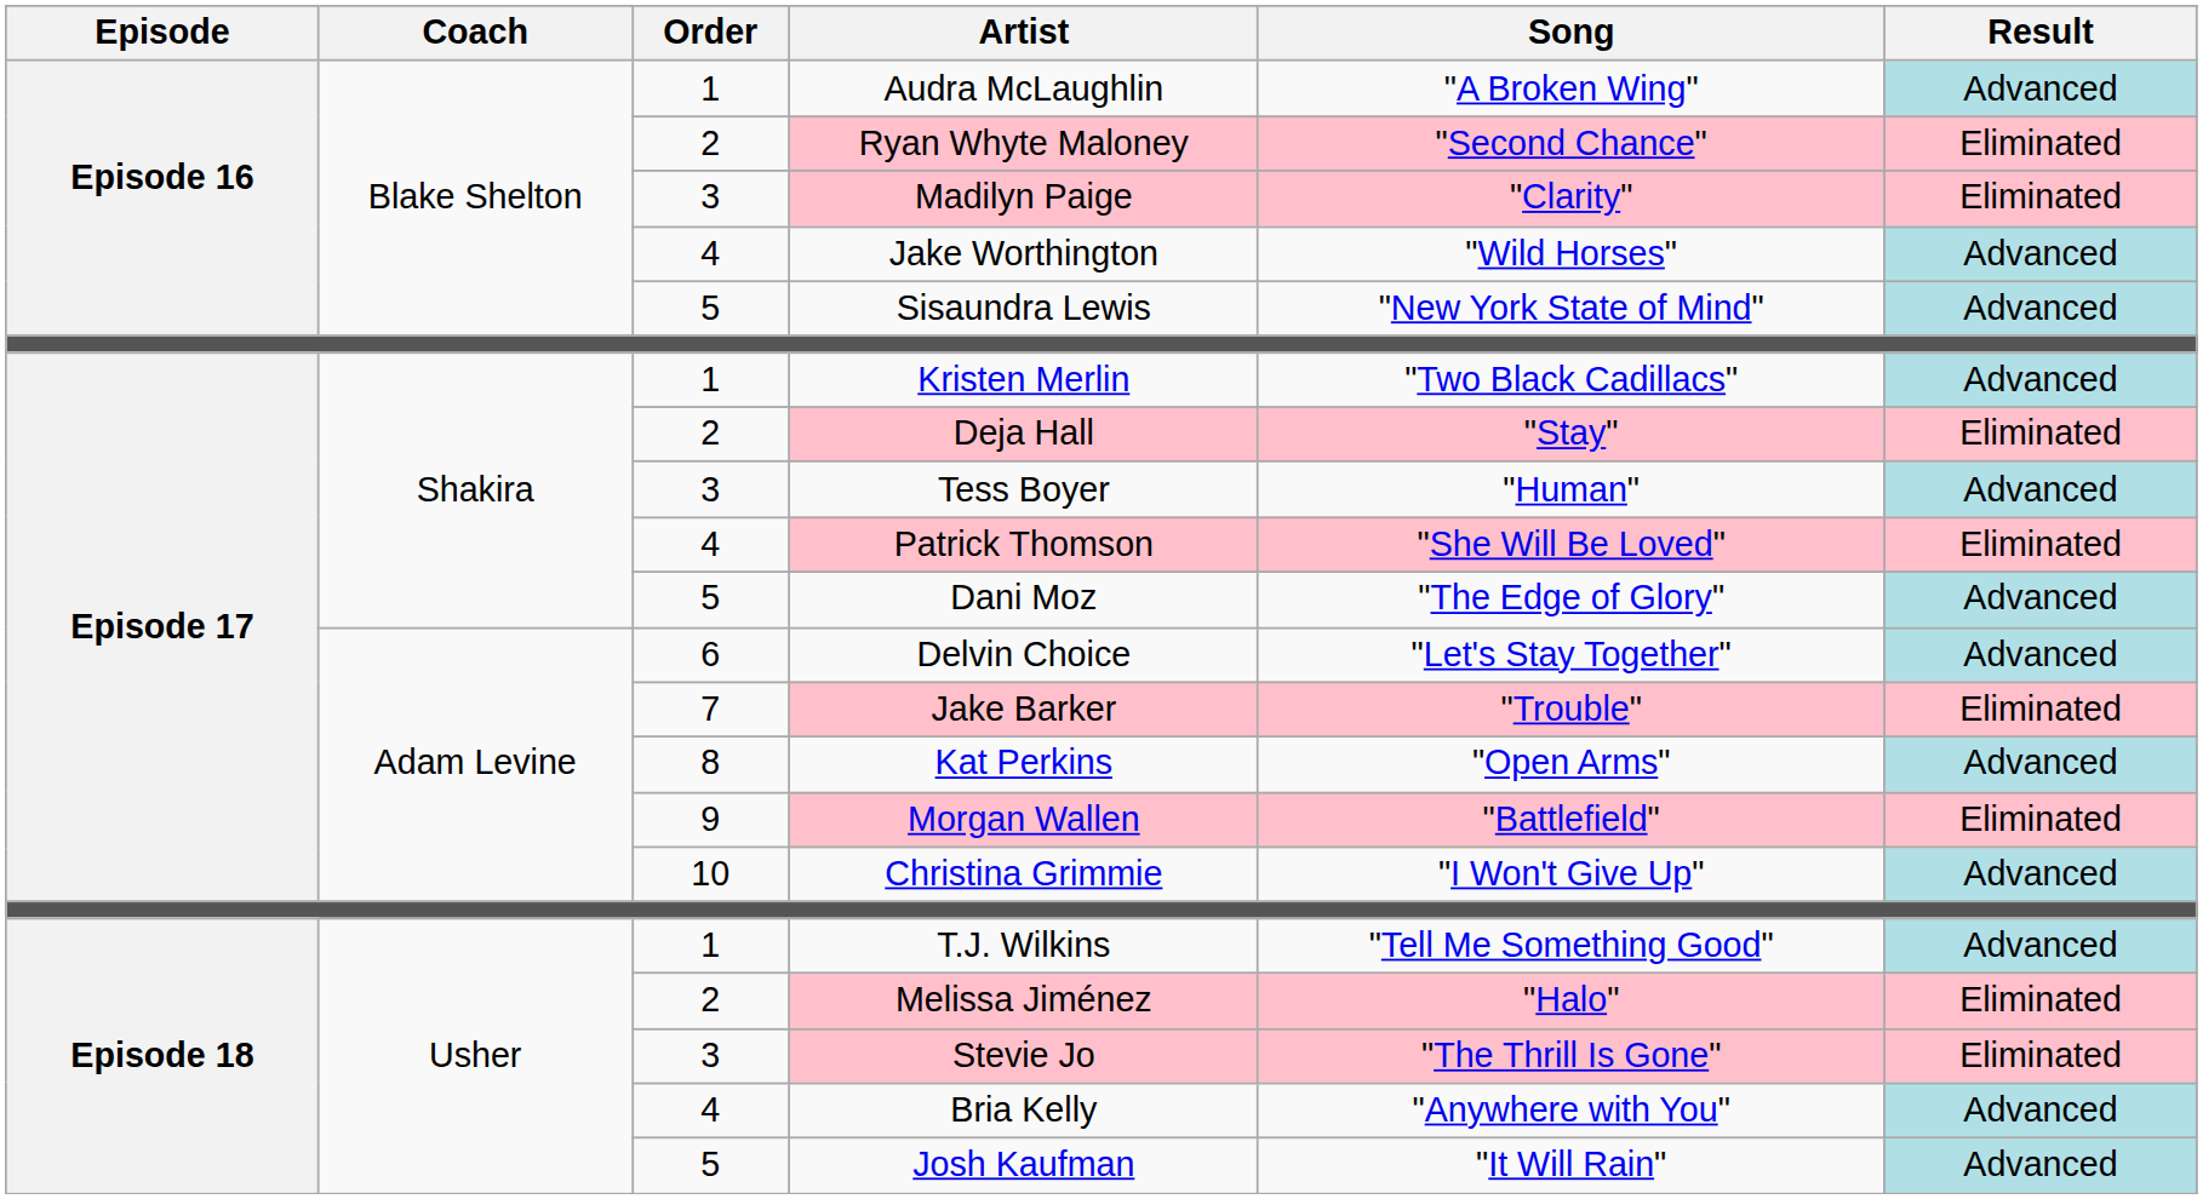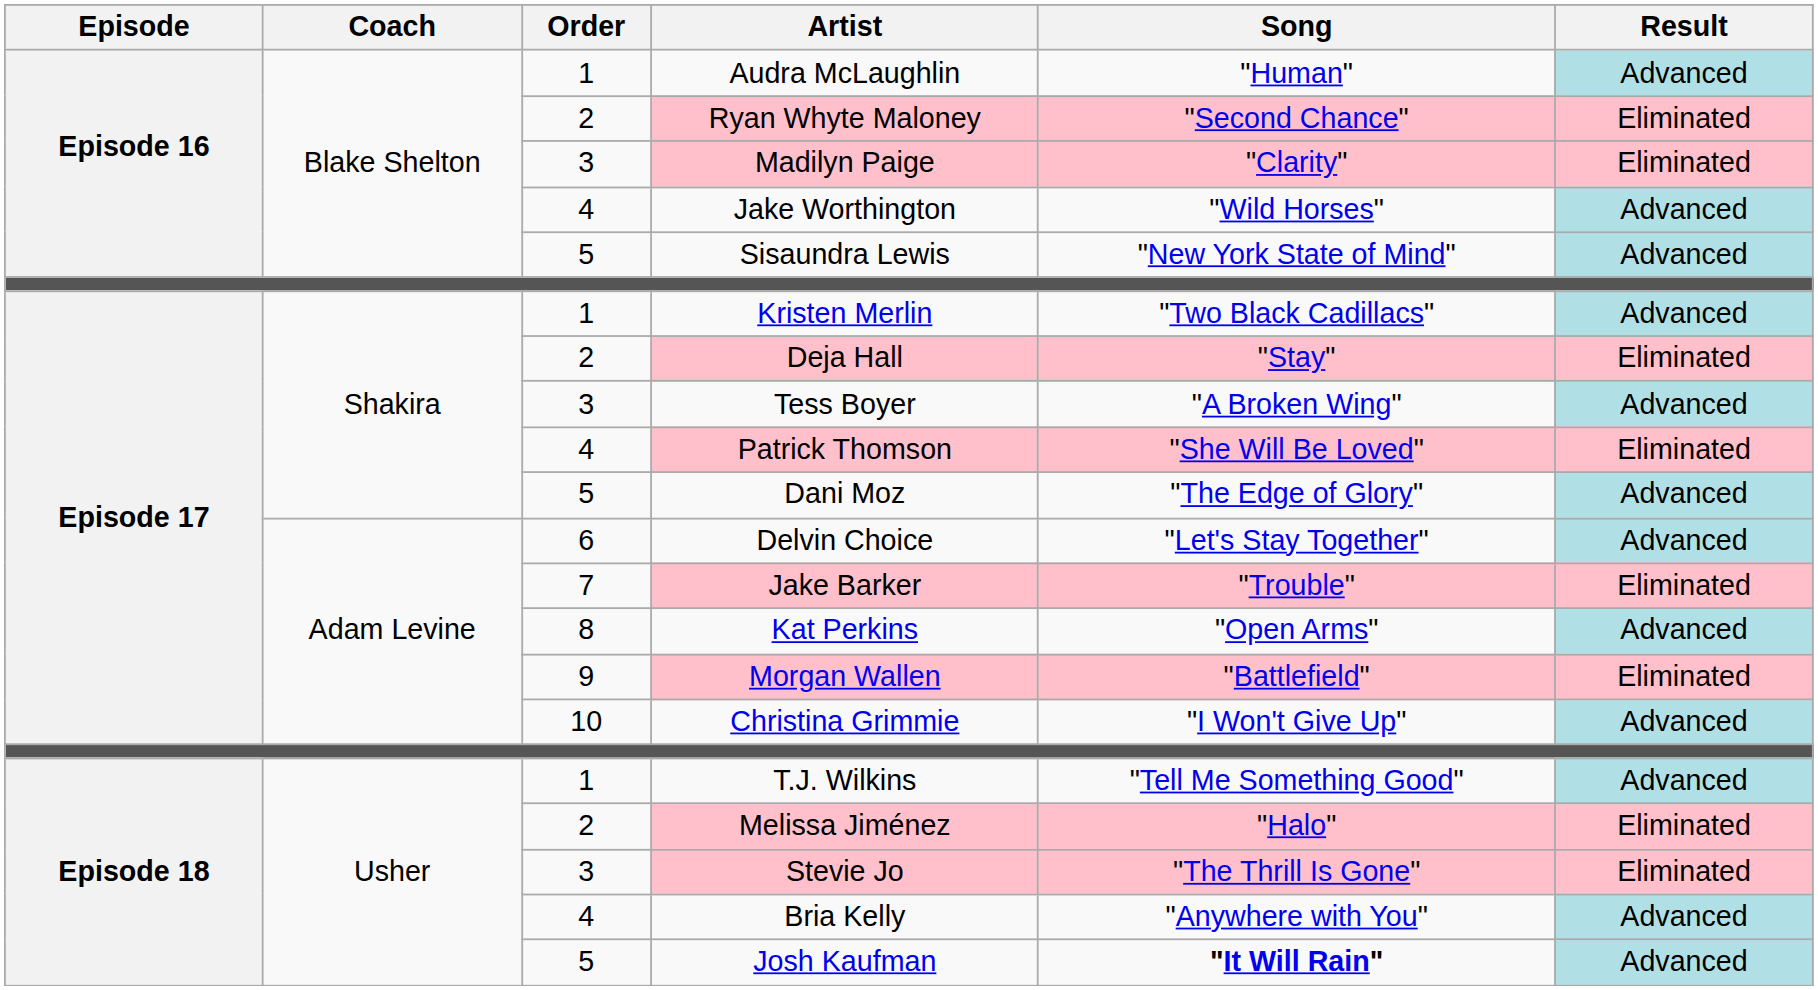 <table class="wikitable" style="text-align:center; width:80%;">
 <tr>
 <th style="width:10%;">Episode</th>
 <th style="width:10%;">Coach</th>
 <th style="width:05%;">Order</th>
 <th style="width:15%;">Artist</th>
 <th style="width:20%;">Song</th>
 <th style="width:10%;">Result</th>
 </tr>
 <tr>
 <th rowspan="5">Episode 16<br><br><small></small></th>
 <td rowspan="5">Blake Shelton</td>
 <td>1</td>
 <td>Audra McLaughlin</td>
-<td>"<a href='#'>A Broken Wing</a>"</td>
+<td>"<a href='#'>Human</a>"</td>
 <td style="background:#B0E0E6;">Advanced</td>
 </tr>
 <tr>
 <td>2</td>
 <td style="background:pink;">Ryan Whyte Maloney</td>
 <td style="background:pink;">"<a href='#'>Second Chance</a>"</td>
 <td style="background:pink;">Eliminated</td>
 </tr>
 <tr>
 <td>3</td>
 <td style="background:pink;">Madilyn Paige</td>
 <td style="background:pink;">"<a href='#'>Clarity</a>"</td>
 <td style="background:pink;">Eliminated</td>
 </tr>
 <tr>
 <td>4</td>
 <td>Jake Worthington</td>
 <td>"<a href='#'>Wild Horses</a>"</td>
 <td style="background:#B0E0E6;">Advanced</td>
 </tr>
 <tr>
 <td>5</td>
 <td>Sisaundra Lewis</td>
 <td>"<a href='#'>New York State of Mind</a>"</td>
 <td style="background:#B0E0E6;">Advanced</td>
 </tr>
 <tr>
 <td colspan="10" style="background:#555;"></td>
 </tr>
 <tr>
 <th rowspan="10">Episode 17<br><small></small></th>
 <td rowspan="5">Shakira</td>
 <td>1</td>
 <td><a href='#'>Kristen Merlin</a></td>
 <td>"<a href='#'>Two Black Cadillacs</a>"</td>
 <td style="background:#B0E0E6;">Advanced</td>
 </tr>
 <tr>
 <td>2</td>
 <td style="background:pink;">Deja Hall</td>
 <td style="background:pink;">"<a href='#'>Stay</a>"</td>
 <td style="background:pink;">Eliminated</td>
 </tr>
 <tr>
 <td>3</td>
 <td>Tess Boyer</td>
-<td>"<a href='#'>Human</a>"</td>
+<td>"<a href='#'>A Broken Wing</a>"</td>
 <td style="background:#B0E0E6;">Advanced</td>
 </tr>
 <tr>
 <td>4</td>
 <td style="background:pink;">Patrick Thomson</td>
 <td style="background:pink;">"<a href='#'>She Will Be Loved</a>"</td>
 <td style="background:pink;">Eliminated</td>
 </tr>
 <tr>
 <td>5</td>
 <td>Dani Moz</td>
 <td>"<a href='#'>The Edge of Glory</a>"</td>
 <td style="background:#B0E0E6;">Advanced</td>
 </tr>
 <tr>
 <td rowspan="5">Adam Levine</td>
 <td>6</td>
 <td>Delvin Choice</td>
 <td>"<a href='#'>Let's Stay Together</a>"</td>
 <td style="background:#B0E0E6;">Advanced</td>
 </tr>
 <tr>
 <td>7</td>
 <td style="background:pink;">Jake Barker</td>
 <td style="background:pink;">"<a href='#'>Trouble</a>"</td>
 <td style="background:pink;">Eliminated</td>
 </tr>
 <tr>
 <td>8</td>
 <td><a href='#'>Kat Perkins</a></td>
 <td>"<a href='#'>Open Arms</a>"</td>
 <td style="background:#B0E0E6;">Advanced</td>
 </tr>
 <tr>
 <td>9</td>
 <td style="background:pink;"><a href='#'>Morgan Wallen</a></td>
 <td style="background:pink;">"<a href='#'>Battlefield</a>"</td>
 <td style="background:pink;">Eliminated</td>
 </tr>
 <tr>
 <td>10</td>
 <td><a href='#'>Christina Grimmie</a></td>
 <td>"<a href='#'>I Won't Give Up</a>"</td>
 <td style="background:#B0E0E6;">Advanced</td>
 </tr>
 <tr>
 <td colspan="10" style="background:#555;"></td>
 </tr>
 <tr>
 <th rowspan="5">Episode 18<br><small></small></th>
 <td rowspan="5">Usher</td>
 <td>1</td>
 <td>T.J. Wilkins</td>
 <td>"<a href='#'>Tell Me Something Good</a>"</td>
 <td style="background:#B0E0E6;">Advanced</td>
 </tr>
 <tr>
 <td>2</td>
 <td style="background:pink;">Melissa Jiménez</td>
 <td style="background:pink;">"<a href='#'>Halo</a>"</td>
 <td style="background:pink;">Eliminated</td>
 </tr>
 <tr>
 <td>3</td>
 <td style="background:pink;">Stevie Jo</td>
 <td style="background:pink;">"<a href='#'>The Thrill Is Gone</a>"</td>
 <td style="background:pink;">Eliminated</td>
 </tr>
 <tr>
 <td>4</td>
 <td>Bria Kelly</td>
 <td>"<a href='#'>Anywhere with You</a>"</td>
 <td style="background:#B0E0E6;">Advanced</td>
 </tr>
 <tr>
 <td>5</td>
 <td><a href='#'>Josh Kaufman</a></td>
-<td>"<a href='#'>It Will Rain</a>"</td>
+<td><strong>"<a href='#'>It Will Rain</a>"</strong></td>
 <td style="background:#B0E0E6;">Advanced</td>
 </tr>
 <tr>
 </tr>
 </table>
